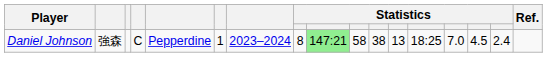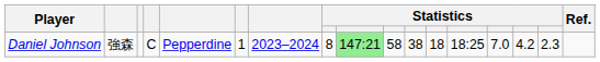 <table class="wikitable sortable" style="font-size:95%; text-align:right;">
 <tr>
 <th rowspan="2">Player</th>
 <th rowspan="2"></th>
 <th rowspan="2"></th>
 <th rowspan="2"></th>
 <th rowspan="2"></th>
 <th rowspan="2"></th>
 <th rowspan="2"></th>
 <th colspan="9">Statistics</th>
 <th rowspan="2">Ref.</th>
 </tr>
 <tr>
 <th></th>
 <th></th>
 <th></th>
 <th></th>
 <th></th>
 <th></th>
 <th></th>
 <th></th>
 <th></th>
 </tr>
 <tr>
 <td align="left"><em><a href='#'>Daniel Johnson</a></em></td>
 <td align="left">強森</td>
 <td align="center"></td>
 <td align="center">C</td>
 <td align="left"><a href='#'>Pepperdine</a></td>
 <td align="center">1</td>
 <td align="center"><a href='#'>2023–2024</a></td>
 <td>8</td>
 <td style="background: lightgreen;">147:21</td>
 <td>58</td>
 <td>38</td>
-<td>13</td>
+<td>18</td>
 <td>18:25</td>
 <td>7.0</td>
-<td>4.5</td>
-<td>2.4</td>
+<td>4.2</td>
+<td>2.3</td>
 <td align="center"></td>
 </tr>
 </table>
